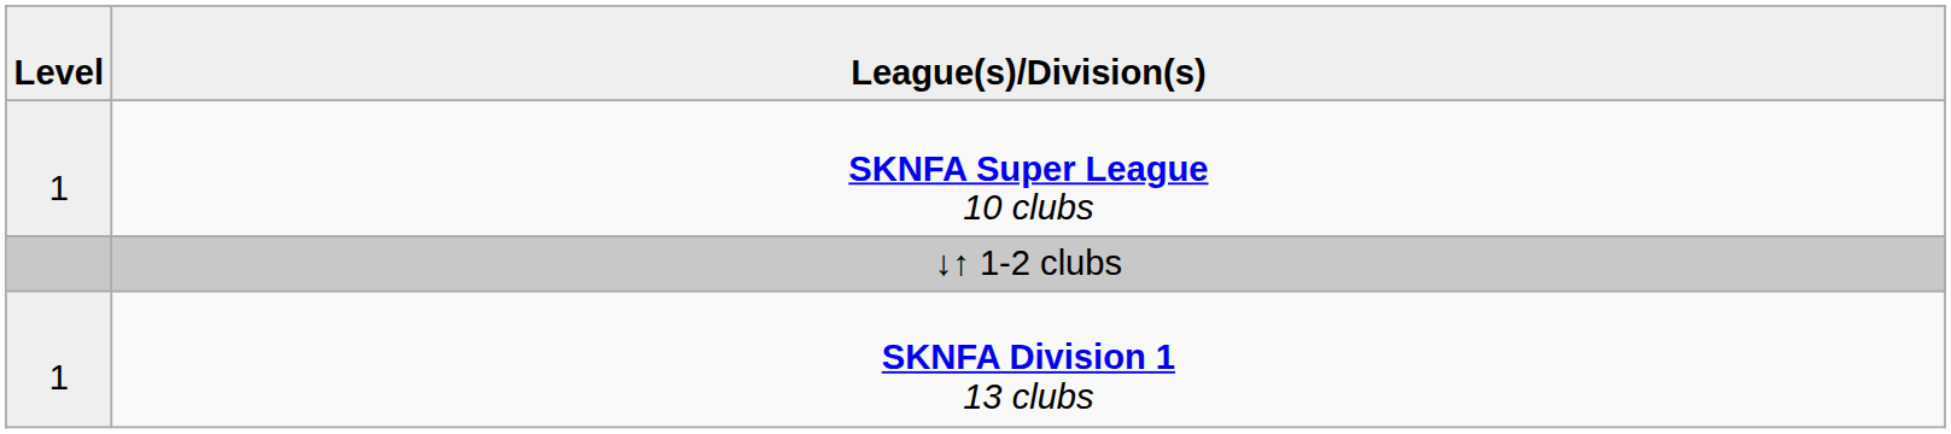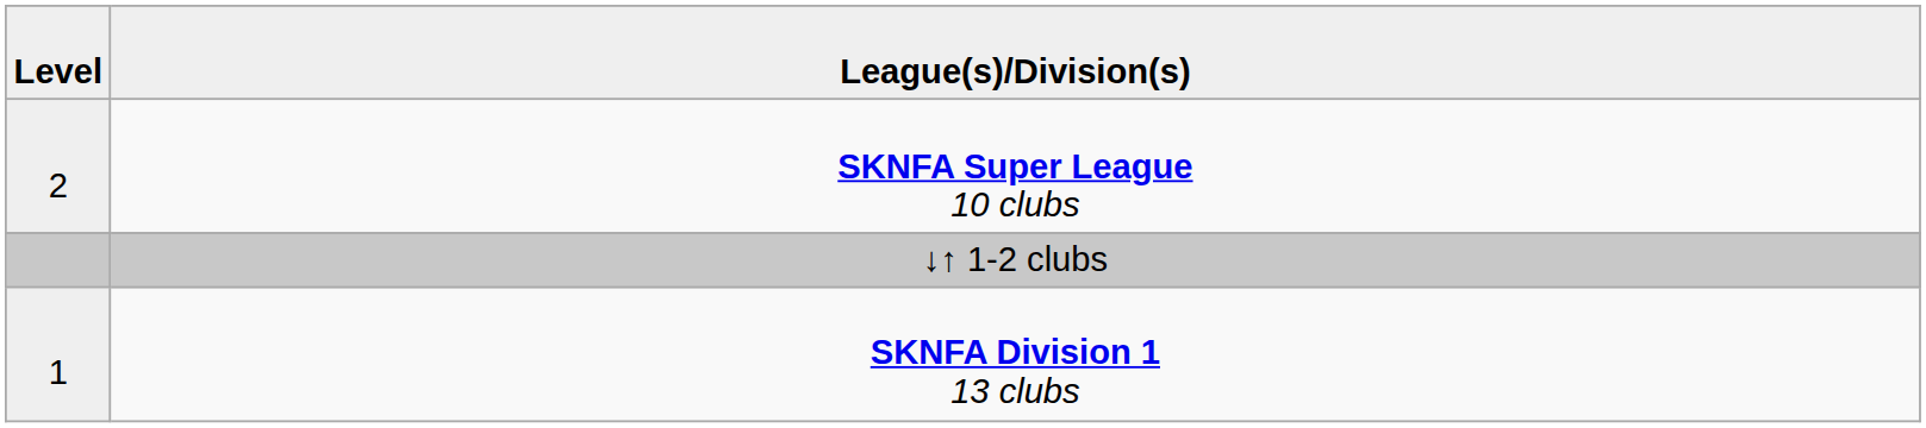 <table class="wikitable" style="text-align:center; width:100%;">
 <tr style="background:#efefef;">
 <td style="width:4%; text-align:center;"><br><strong>Level</strong></td>
 <td colspan="12"  style="width:96%; text-align:center;"><br><strong>League(s)/Division(s)</strong></td>
 </tr>
 <tr>
-<td style="text-align:center; width:4%; background:#efefef;"><br>1</td>
+<td style="text-align:center; width:4%; background:#efefef;"><br>2</td>
 <td colspan="12"  style="width:96%; text-align:center;"><br><strong><a href='#'>SKNFA Super League</a></strong><br> <em>10 clubs</em><br></td>
 </tr>
 <tr style="background:#c8c8c8">
 <td style="width:4%;"></td>
 <td colspan="9" style="width:96%;">↓↑ 1-2 clubs</td>
 </tr>
 <tr>
 <td style="text-align:center; width:4%; background:#efefef;"><br>1</td>
 <td colspan="12"  style="width:96%; text-align:center;"><br><strong><a href='#'>SKNFA Division 1</a></strong><br> <em>13 clubs</em><br></td>
 </tr>
 </table>
